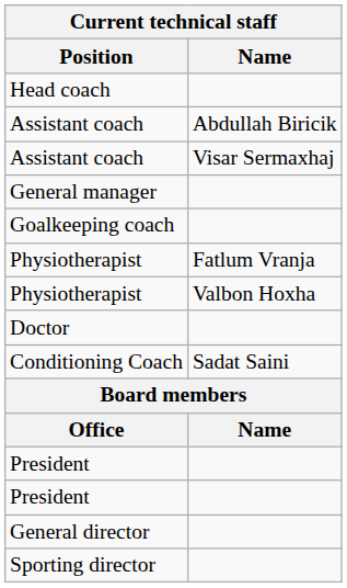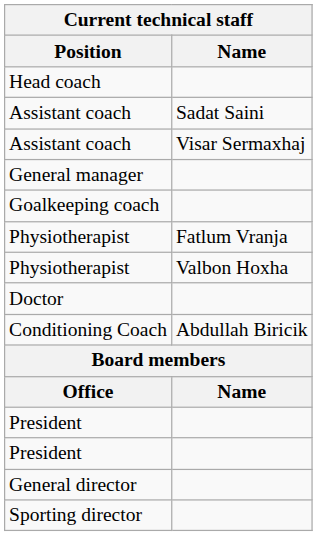 <table class="wikitable">
 <tr>
 <th colspan="2">Current technical staff</th>
 </tr>
 <tr>
 <th>Position</th>
 <th>Name</th>
 </tr>
 <tr>
 <td>Head coach</td>
 <td> </td>
 </tr>
 <tr>
 <td>Assistant coach</td>
-<td> Abdullah Biricik</td>
+<td> Sadat Saini</td>
 </tr>
 <tr>
 <td>Assistant coach</td>
 <td> Visar Sermaxhaj</td>
 </tr>
 <tr>
 <td>General manager</td>
 <td> </td>
 </tr>
 <tr>
 <td>Goalkeeping coach</td>
 <td> </td>
 </tr>
 <tr>
 <td>Physiotherapist</td>
 <td> Fatlum Vranja</td>
 </tr>
 <tr>
 <td>Physiotherapist</td>
 <td> Valbon Hoxha</td>
 </tr>
 <tr>
 <td>Doctor</td>
 <td> </td>
 </tr>
 <tr>
 <td>Conditioning Coach</td>
-<td> Sadat Saini</td>
+<td> Abdullah Biricik</td>
 </tr>
 <tr>
 <th colspan="2">Board members</th>
 </tr>
 <tr>
 <th>Office</th>
 <th>Name</th>
 </tr>
 <tr>
 <td>President</td>
 <td> </td>
 </tr>
 <tr>
 <td>President</td>
 <td> </td>
 </tr>
 <tr>
 <td>General director</td>
 <td> </td>
 </tr>
 <tr>
 <td>Sporting director</td>
 <td> </td>
 </tr>
 </table>
